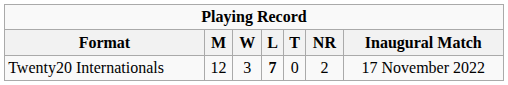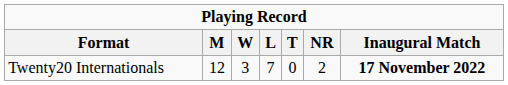 <table class="wikitable" style="text-align: center; width: 500px;">
 <tr>
 <td colspan=7 align="center"><strong>Playing Record</strong></td>
 </tr>
 <tr>
 <th>Format</th>
 <th>M</th>
 <th>W</th>
 <th>L</th>
 <th>T</th>
 <th>NR</th>
 <th>Inaugural Match</th>
 </tr>
 <tr>
 <td align="left">Twenty20 Internationals</td>
 <td>12</td>
 <td>3</td>
-<td><strong>7</strong></td>
+<td>7</td>
 <td>0</td>
 <td>2</td>
-<td>17 November 2022</td>
+<td><strong>17 November 2022</strong></td>
 </tr>
 </table>
